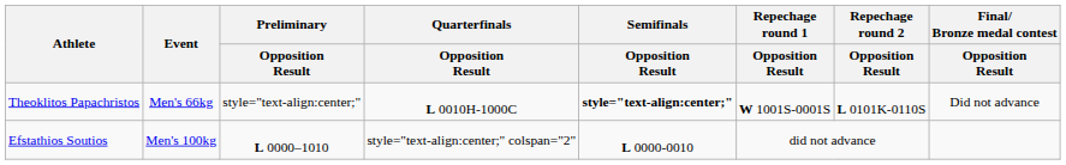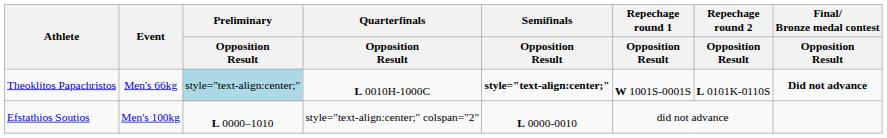 <table class=wikitable style="font-size:90%">
 <tr>
 <th rowspan="2">Athlete</th>
 <th rowspan="2">Event</th>
 <th>Preliminary</th>
 <th>Quarterfinals</th>
 <th>Semifinals</th>
 <th>Repechage <br>round 1</th>
 <th>Repechage <br>round 2</th>
 <th>Final/<br>Bronze medal contest</th>
 </tr>
 <tr>
 <th>Opposition<br>Result</th>
 <th>Opposition<br>Result</th>
 <th>Opposition<br>Result</th>
 <th>Opposition<br>Result</th>
 <th>Opposition<br>Result</th>
 <th>Opposition<br>Result</th>
 </tr>
 <tr>
 <td><a href='#'>Theoklitos Papachristos</a></td>
 <td style="text-align:center;"><a href='#'>Men's 66kg</a></td>
-<td>style="text-align:center;" </td>
+<td style="background: lightblue;">style="text-align:center;" </td>
 <td style="text-align:center;"><br> <strong>L</strong> 0010H-1000C</td>
 <td><strong>style="text-align:center;" </strong></td>
 <td style="text-align:center;"><br> <strong>W</strong> 1001S-0001S</td>
 <td style="text-align:center;"><br> <strong>L</strong> 0101K-0110S</td>
-<td style="text-align:center;">Did not advance</td>
+<td style="text-align:center;"><strong>Did not advance</strong></td>
 </tr>
 <tr>
 <td><a href='#'>Efstathios Soutios</a></td>
 <td style="text-align:center;"><a href='#'>Men's 100kg</a></td>
 <td style="text-align:center;"><br> <strong>L</strong> 0000–1010</td>
 <td>style="text-align:center;" colspan="2" </td>
 <td style="text-align:center;"><br> <strong>L</strong> 0000-0010</td>
 <td style="text-align:center;" colspan="2">did not advance</td>
 </tr>
 </table>
